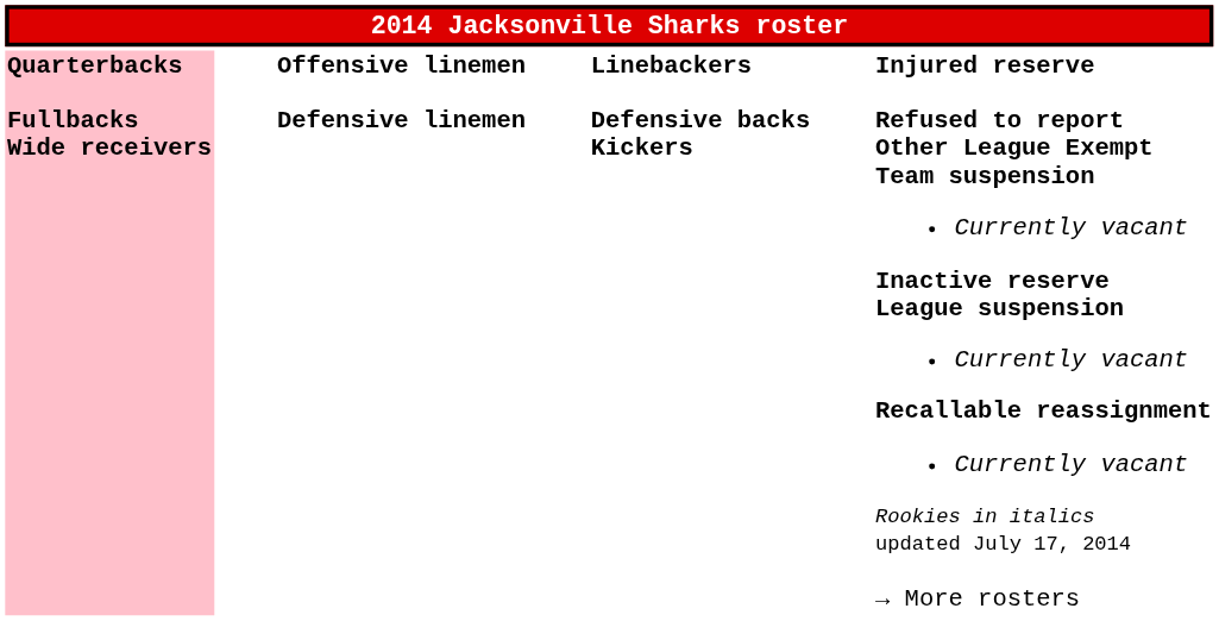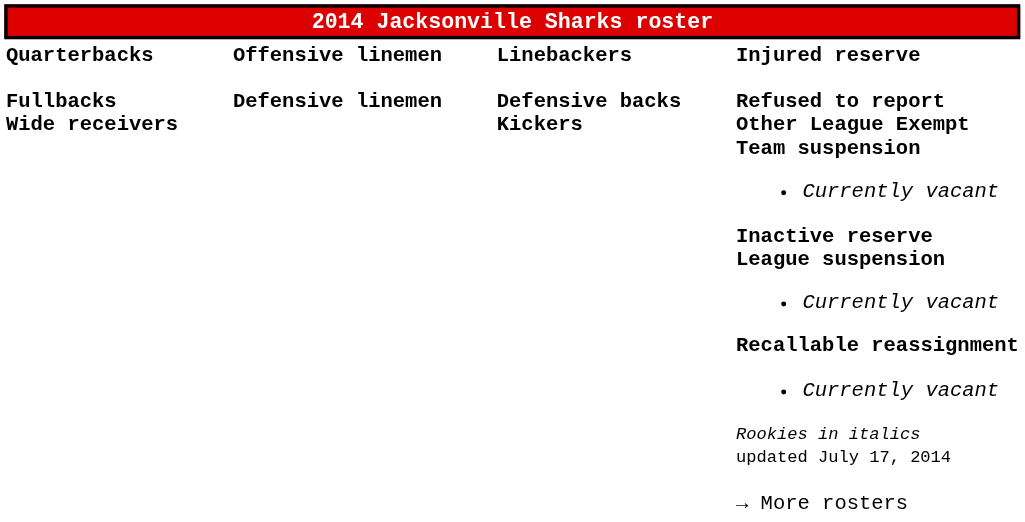 <table class="toccolours" style="text-align: left;">
 <tr>
 <th colspan=7 style="background:#d00; border: 2px solid #000; color:white; text-align:center;"><strong>2014 Jacksonville Sharks roster</strong></th>
 </tr>
 <tr>
-<td style="background: pink; font-size: 95%;" valign="top"><strong>Quarterbacks</strong><br> <br><strong>Fullbacks</strong>  <br><strong>Wide receivers</strong>    </td>
+<td style="font-size: 95%;" valign="top"><strong>Quarterbacks</strong><br> <br><strong>Fullbacks</strong>  <br><strong>Wide receivers</strong>    </td>
 <td style="width: 25px;"></td>
 <td style="font-size: 95%;" valign="top"><strong>Offensive linemen</strong><br>    <br><strong>Defensive linemen</strong>    </td>
 <td style="width: 25px;"></td>
 <td style="font-size: 95%;" valign="top"><strong>Linebackers</strong><br> <br><strong>Defensive backs</strong>    <br><strong>Kickers</strong> </td>
 <td style="width: 25px;"></td>
 <td style="font-size: 95%;" valign="top"><strong>Injured reserve</strong><br>   <br><strong>Refused to report</strong>   <br><strong>Other League Exempt</strong>   <br><strong>Team suspension</strong><ul><li><em>Currently vacant</em></li></ul><strong>Inactive reserve</strong> <br><strong>League suspension</strong><ul><li><em>Currently vacant</em></li></ul><strong>Recallable reassignment</strong><ul><li><em>Currently vacant</em></li></ul><small><em>Rookies in italics</em><br> <span></span> updated July 17, 2014</small><br> <br>→ More rosters</td>
 </tr>
 <tr>
 </tr>
 </table>
